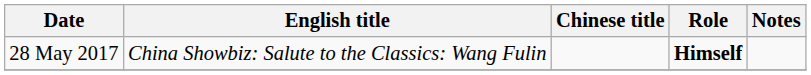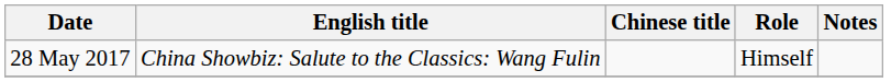 <table class="wikitable">
 <tr>
 <th>Date</th>
 <th>English title</th>
 <th>Chinese title</th>
 <th>Role</th>
 <th>Notes</th>
 </tr>
 <tr>
 <td>28 May 2017</td>
 <td><em>China Showbiz: Salute to the Classics: Wang Fulin</em></td>
 <td></td>
-<td><strong>Himself</strong></td>
+<td>Himself</td>
 <td></td>
 </tr>
 <tr>
 </tr>
 </table>
